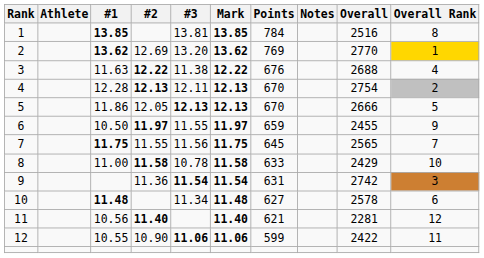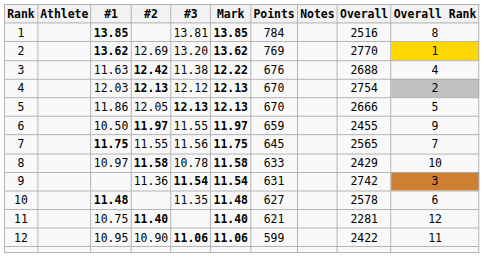 <table class="wikitable sortable" style="text-align:center">
 <tr>
 <th>Rank</th>
 <th>Athlete</th>
 <th>#1</th>
 <th>#2</th>
 <th>#3</th>
 <th>Mark</th>
 <th>Points</th>
 <th>Notes</th>
 <th>Overall</th>
 <th>Overall Rank</th>
 </tr>
 <tr>
 <td>1</td>
 <td align="left"></td>
 <td><strong>13.85</strong></td>
 <td></td>
 <td>13.81</td>
 <td><strong>13.85</strong></td>
 <td>784</td>
 <td></td>
 <td>2516</td>
 <td>8</td>
 </tr>
 <tr>
 <td>2</td>
 <td align="left"></td>
 <td><strong>13.62</strong></td>
 <td>12.69</td>
 <td>13.20</td>
 <td><strong>13.62</strong></td>
 <td>769</td>
 <td></td>
 <td>2770</td>
 <td style="background-color:#ffd700">1</td>
 </tr>
 <tr>
 <td>3</td>
 <td align="left"></td>
 <td>11.63</td>
-<td><strong>12.22</strong></td>
+<td><strong>12.42</strong></td>
 <td>11.38</td>
 <td><strong>12.22</strong></td>
 <td>676</td>
 <td></td>
 <td>2688</td>
 <td>4</td>
 </tr>
 <tr>
 <td>4</td>
 <td align="left"></td>
-<td>12.28</td>
+<td>12.03</td>
 <td><strong>12.13</strong></td>
-<td>12.11</td>
+<td>12.12</td>
 <td><strong>12.13</strong></td>
 <td>670</td>
 <td></td>
 <td>2754</td>
 <td style="background-color:#c0c0c0">2</td>
 </tr>
 <tr>
 <td>5</td>
 <td align="left"></td>
 <td>11.86</td>
 <td>12.05</td>
 <td><strong>12.13</strong></td>
 <td><strong>12.13</strong></td>
 <td>670</td>
 <td></td>
 <td>2666</td>
 <td>5</td>
 </tr>
 <tr>
 <td>6</td>
 <td align="left"></td>
 <td>10.50</td>
 <td><strong>11.97</strong></td>
 <td>11.55</td>
 <td><strong>11.97</strong></td>
 <td>659</td>
 <td></td>
 <td>2455</td>
 <td>9</td>
 </tr>
 <tr>
 <td>7</td>
 <td align="left"></td>
 <td><strong>11.75</strong></td>
 <td>11.55</td>
 <td>11.56</td>
 <td><strong>11.75</strong></td>
 <td>645</td>
 <td></td>
 <td>2565</td>
 <td>7</td>
 </tr>
 <tr>
 <td>8</td>
 <td align="left"></td>
-<td>11.00</td>
+<td>10.97</td>
 <td><strong>11.58</strong></td>
 <td>10.78</td>
 <td><strong>11.58</strong></td>
 <td>633</td>
 <td></td>
 <td>2429</td>
 <td>10</td>
 </tr>
 <tr>
 <td>9</td>
 <td align="left"></td>
 <td></td>
 <td>11.36</td>
 <td><strong>11.54</strong></td>
 <td><strong>11.54</strong></td>
 <td>631</td>
 <td></td>
 <td>2742</td>
 <td style="background-color:#cd7f32">3</td>
 </tr>
 <tr>
 <td>10</td>
 <td align="left"></td>
 <td><strong>11.48</strong></td>
 <td></td>
-<td>11.34</td>
+<td>11.35</td>
 <td><strong>11.48</strong></td>
 <td>627</td>
 <td></td>
 <td>2578</td>
 <td>6</td>
 </tr>
 <tr>
 <td>11</td>
 <td align="left"></td>
-<td>10.56</td>
+<td>10.75</td>
 <td><strong>11.40</strong></td>
 <td></td>
 <td><strong>11.40</strong></td>
 <td>621</td>
 <td></td>
 <td>2281</td>
 <td>12</td>
 </tr>
 <tr>
 <td>12</td>
 <td align="left"></td>
-<td>10.55</td>
+<td>10.95</td>
 <td>10.90</td>
 <td><strong>11.06</strong></td>
 <td><strong>11.06</strong></td>
 <td>599</td>
 <td></td>
 <td>2422</td>
 <td>11</td>
 </tr>
 <tr>
 <td></td>
 <td align="left"></td>
 <td></td>
 <td></td>
 <td></td>
 <td></td>
 <td></td>
 <td></td>
 <td></td>
 <td></td>
 </tr>
 </table>
